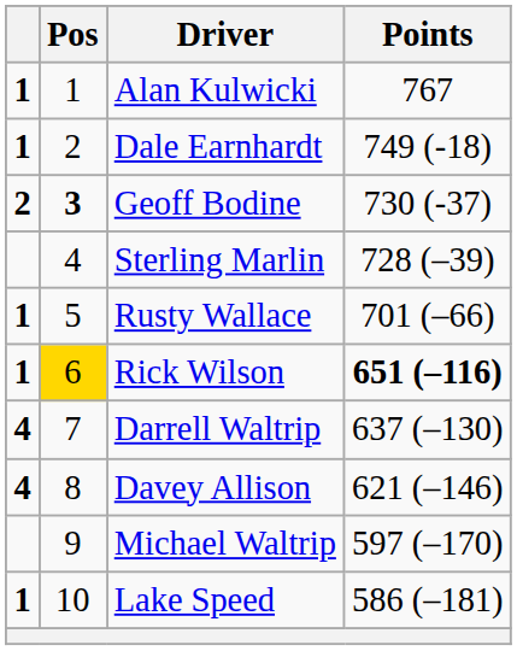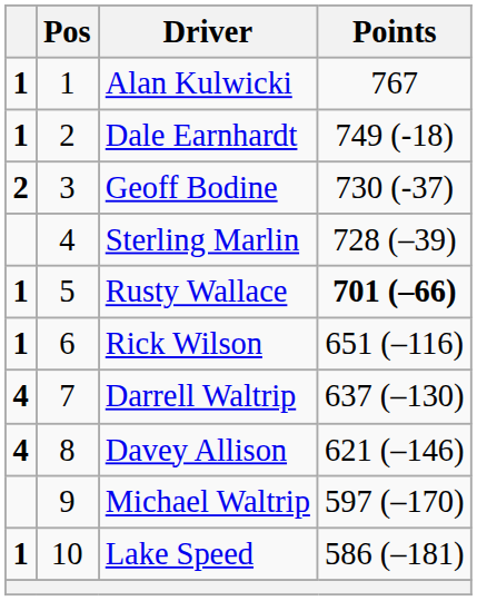 <table class="wikitable" style="font-size: 95%;">
 <tr>
 <th></th>
 <th>Pos</th>
 <th>Driver</th>
 <th>Points</th>
 </tr>
 <tr>
 <td align="left">  <strong>1</strong></td>
 <td style="text-align:center;">1</td>
 <td><a href='#'>Alan Kulwicki</a></td>
 <td style="text-align:center;">767</td>
 </tr>
 <tr>
 <td align="left">  <strong>1</strong></td>
 <td style="text-align:center;">2</td>
 <td><a href='#'>Dale Earnhardt</a></td>
 <td style="text-align:center;">749 (-18)</td>
 </tr>
 <tr>
 <td align="left">  <strong>2</strong></td>
-<td style="text-align:center;"><strong>3</strong></td>
+<td style="text-align:center;">3</td>
 <td><a href='#'>Geoff Bodine</a></td>
 <td style="text-align:center;">730 (-37)</td>
 </tr>
 <tr>
 <td align="left"></td>
 <td style="text-align:center;">4</td>
 <td><a href='#'>Sterling Marlin</a></td>
 <td style="text-align:center;">728 (–39)</td>
 </tr>
 <tr>
 <td align="left">  <strong>1</strong></td>
 <td style="text-align:center;">5</td>
 <td><a href='#'>Rusty Wallace</a></td>
-<td style="text-align:center;">701 (–66)</td>
+<td style="text-align:center;"><strong>701 (–66)</strong></td>
 </tr>
 <tr>
 <td align="left">  <strong>1</strong></td>
-<td style="background: gold; text-align:center;">6</td>
+<td style="text-align:center;">6</td>
 <td><a href='#'>Rick Wilson</a></td>
-<td style="text-align:center;"><strong>651 (–116)</strong></td>
+<td style="text-align:center;">651 (–116)</td>
 </tr>
 <tr>
 <td align="left">  <strong>4</strong></td>
 <td style="text-align:center;">7</td>
 <td><a href='#'>Darrell Waltrip</a></td>
 <td style="text-align:center;">637 (–130)</td>
 </tr>
 <tr>
 <td align="left">  <strong>4</strong></td>
 <td style="text-align:center;">8</td>
 <td><a href='#'>Davey Allison</a></td>
 <td style="text-align:center;">621 (–146)</td>
 </tr>
 <tr>
 <td align="left"></td>
 <td style="text-align:center;">9</td>
 <td><a href='#'>Michael Waltrip</a></td>
 <td style="text-align:center;">597 (–170)</td>
 </tr>
 <tr>
 <td align="left">  <strong>1</strong></td>
 <td style="text-align:center;">10</td>
 <td><a href='#'>Lake Speed</a></td>
 <td style="text-align:center;">586 (–181)</td>
 </tr>
 <tr class="sortbottom">
 <th colspan="9"></th>
 </tr>
 </table>
